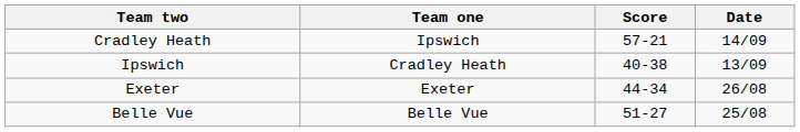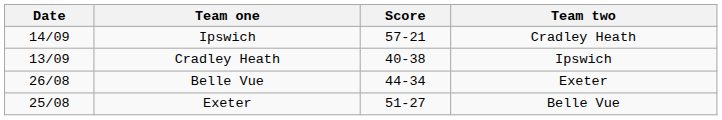 <table class="wikitable" style="text-align: center">
 <tr>
-<th width=250>Team two</th>
+<th width=80>Date</th>
 <th width=250>Team one</th>
 <th width=80>Score</th>
-<th width=80>Date</th>
+<th width=250>Team two</th>
 </tr>
 <tr>
-<td>Cradley Heath</td>
+<td>14/09</td>
 <td>Ipswich</td>
 <td>57-21</td>
-<td>14/09</td>
+<td>Cradley Heath</td>
 </tr>
 <tr>
-<td>Ipswich</td>
+<td>13/09</td>
 <td>Cradley Heath</td>
 <td>40-38</td>
-<td>13/09</td>
+<td>Ipswich</td>
 </tr>
 <tr>
+<td>26/08</td>
+<td>Belle Vue</td>
+<td>44-34</td>
 <td>Exeter</td>
-<td>Exeter</td>
-<td>44-34</td>
-<td>26/08</td>
 </tr>
 <tr>
+<td>25/08</td>
+<td>Exeter</td>
+<td>51-27</td>
 <td>Belle Vue</td>
-<td>Belle Vue</td>
-<td>51-27</td>
-<td>25/08</td>
 </tr>
 </table>
